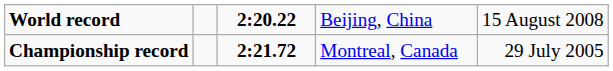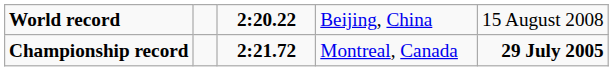 <table class="wikitable">
 <tr>
 <td><strong>World record</strong></td>
 <td style="padding-right:1em"></td>
 <td style="text-align:center;padding-left:1em; padding-right:1em;"><strong>2:20.22</strong></td>
 <td style="padding-right:1em"><a href='#'>Beijing</a>, <a href='#'>China</a></td>
 <td align=right>15 August 2008</td>
 </tr>
 <tr>
 <td><strong>Championship record</strong></td>
 <td style="padding-right:1em"></td>
 <td style="text-align:center;padding-left:1em; padding-right:1em;"><strong>2:21.72</strong></td>
 <td style="padding-right:1em"><a href='#'>Montreal</a>, <a href='#'>Canada</a></td>
-<td align=right>29 July 2005</td>
+<td align=right><strong>29 July 2005</strong></td>
 </tr>
 </table>
